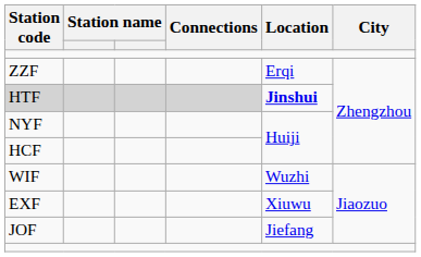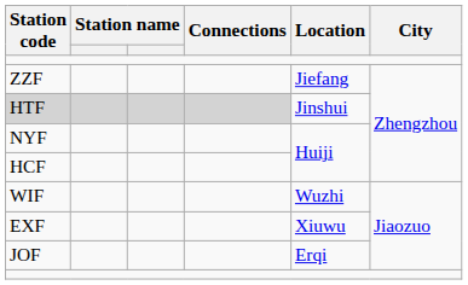 <table class="wikitable">
 <tr>
 <th rowspan="2">Station<br>code</th>
 <th colspan="2">Station name</th>
 <th rowspan="2">Connections</th>
 <th rowspan="2">Location</th>
 <th rowspan="2">City</th>
 </tr>
 <tr>
 <th></th>
 <th></th>
 </tr>
 <tr style="background:#">
 <td colspan = "6"></td>
 </tr>
 <tr>
 <td>ZZF</td>
 <td></td>
 <td></td>
 <td>  </td>
-<td><a href='#'>Erqi</a></td>
+<td><a href='#'>Jiefang</a></td>
 <td rowspan="4"><a href='#'>Zhengzhou</a></td>
 </tr>
 <tr>
 <td style = "background:lightgrey">HTF</td>
 <td style = "background:lightgrey"><em></em></td>
 <td style = "background:lightgrey"><del></del></td>
 <td style = "background:lightgrey"></td>
-<td><strong><a href='#'>Jinshui</a></strong></td>
+<td><a href='#'>Jinshui</a></td>
 </tr>
 <tr>
 <td>NYF</td>
 <td></td>
 <td></td>
 <td></td>
 <td rowspan="2"><a href='#'>Huiji</a></td>
 </tr>
 <tr>
 <td>HCF</td>
 <td></td>
 <td></td>
 <td></td>
 </tr>
 <tr>
 <td>WIF</td>
 <td></td>
 <td></td>
 <td></td>
 <td><a href='#'>Wuzhi</a></td>
 <td rowspan="3"><a href='#'>Jiaozuo</a></td>
 </tr>
 <tr>
 <td>EXF</td>
 <td></td>
 <td></td>
 <td></td>
 <td><a href='#'>Xiuwu</a></td>
 </tr>
 <tr>
 <td>JOF</td>
 <td></td>
 <td></td>
 <td></td>
-<td><a href='#'>Jiefang</a></td>
+<td><a href='#'>Erqi</a></td>
 </tr>
 <tr style="background:#">
 <td colspan = "6"></td>
 </tr>
 </table>
